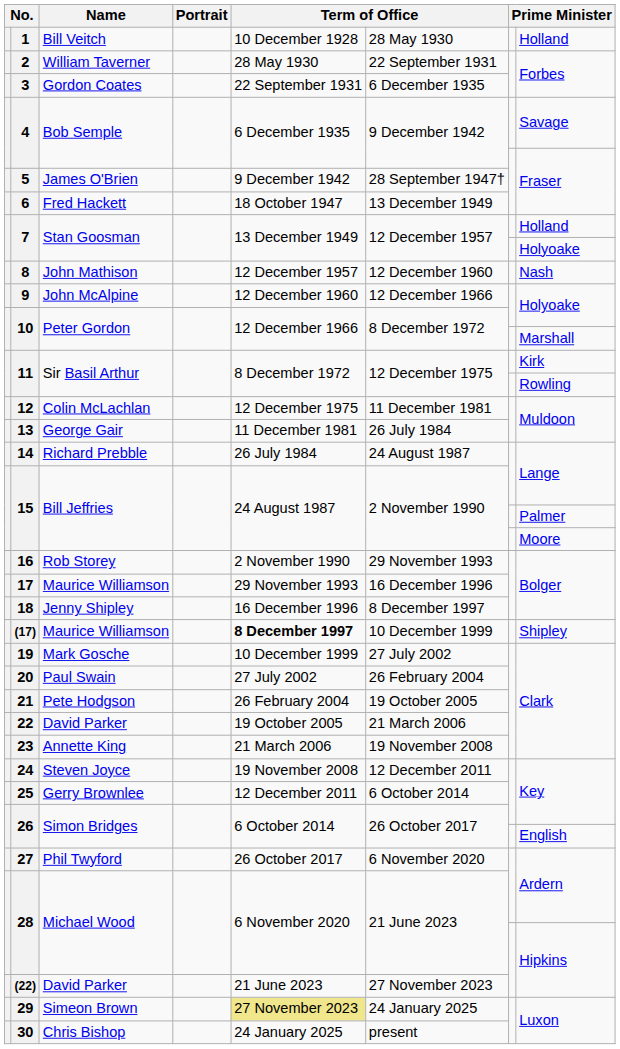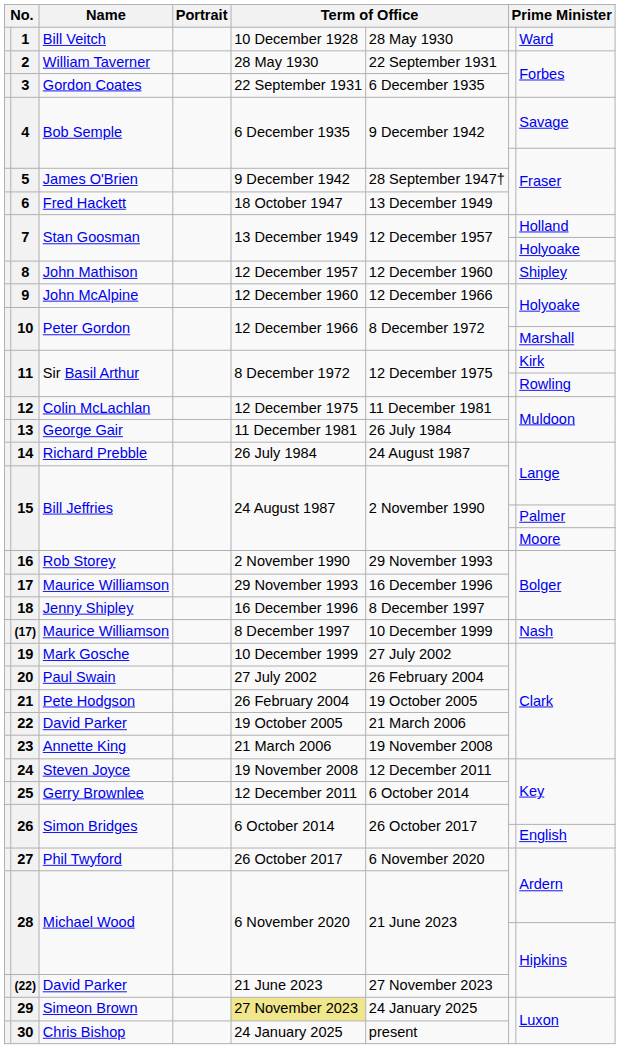 <table class="wikitable">
 <tr>
 <th colspan="2">No.</th>
 <th>Name</th>
 <th>Portrait</th>
 <th colspan="2">Term of Office</th>
 <th colspan="2">Prime Minister</th>
 </tr>
 <tr>
 <th style="color:inherit;background:"></th>
 <th>1</th>
 <td><a href='#'>Bill Veitch</a></td>
 <td></td>
 <td>10 December 1928</td>
 <td>28 May 1930</td>
 <td width=1 style="color:inherit;background:"></td>
-<td><a href='#'>Holland</a></td>
+<td><a href='#'>Ward</a></td>
 </tr>
 <tr>
 <th style="color:inherit;background:"></th>
 <th>2</th>
 <td><a href='#'>William Taverner</a></td>
 <td></td>
 <td>28 May 1930</td>
 <td>22 September 1931</td>
 <td rowspan=2 style="color:inherit;background:"></td>
 <td rowspan=2><a href='#'>Forbes</a></td>
 </tr>
 <tr>
 <th style="color:inherit;background:"></th>
 <th>3</th>
 <td><a href='#'>Gordon Coates</a></td>
 <td></td>
 <td>22 September 1931</td>
 <td>6 December 1935</td>
 </tr>
 <tr>
 <th height=50 style="border-bottom:solid 0 grey; background:"></th>
 <th rowspan=2>4</th>
 <td rowspan=2><a href='#'>Bob Semple</a></td>
 <td rowspan=2></td>
 <td rowspan=2>6 December 1935</td>
 <td rowspan=2>9 December 1942</td>
 <td style="color:inherit;background:"></td>
 <td><a href='#'>Savage</a></td>
 </tr>
 <tr>
 <th height=15 style="border-top:solid 0 grey; background:"></th>
 <td style="border-bottom:solid 0 grey; background:"></td>
 <td rowspan=3><a href='#'>Fraser</a></td>
 </tr>
 <tr>
 <th style="color:inherit;background:"></th>
 <th>5</th>
 <td><a href='#'>James O'Brien</a></td>
 <td></td>
 <td>9 December 1942</td>
 <td>28 September 1947†</td>
 <td rowspan=2 style="border-top:solid 0 grey; background:"></td>
 </tr>
 <tr>
 <th style="color:inherit;background:"></th>
 <th>6</th>
 <td><a href='#'>Fred Hackett</a></td>
 <td></td>
 <td>18 October 1947</td>
 <td>13 December 1949</td>
 </tr>
 <tr>
 <th rowspan=2 style="color:inherit;background:"></th>
 <th rowspan=2>7</th>
 <td rowspan=2><a href='#'>Stan Goosman</a></td>
 <td rowspan=2></td>
 <td rowspan=2>13 December 1949</td>
 <td rowspan=2>12 December 1957</td>
 <td style="color:inherit;background:"></td>
 <td><a href='#'>Holland</a></td>
 </tr>
 <tr>
 <td style="color:inherit;background:"></td>
 <td><a href='#'>Holyoake</a></td>
 </tr>
 <tr>
 <th style="color:inherit;background:"></th>
 <th>8</th>
 <td><a href='#'>John Mathison</a></td>
 <td></td>
 <td>12 December 1957</td>
 <td>12 December 1960</td>
 <td style="color:inherit;background:"></td>
-<td><a href='#'>Nash</a></td>
+<td><a href='#'>Shipley</a></td>
 </tr>
 <tr>
 <th style="color:inherit;background:"></th>
 <th>9</th>
 <td><a href='#'>John McAlpine</a></td>
 <td></td>
 <td>12 December 1960</td>
 <td>12 December 1966</td>
 <td rowspan="2" style="color:inherit;background:"></td>
 <td rowspan="2"><a href='#'>Holyoake</a></td>
 </tr>
 <tr>
 <th height=15 style="border-bottom:solid 0 grey; background:"></th>
 <th rowspan="2">10</th>
 <td rowspan="2"><a href='#'>Peter Gordon</a></td>
 <td rowspan="2"></td>
 <td rowspan="2">12 December 1966</td>
 <td rowspan="2">8 December 1972</td>
 </tr>
 <tr>
 <th height=15 style="border-top:solid 0 grey; background:"></th>
 <td style="color:inherit;background:"></td>
 <td><a href='#'>Marshall</a></td>
 </tr>
 <tr>
 <th rowspan=2 style="color:inherit;background:"></th>
 <th rowspan=2>11</th>
 <td rowspan=2>Sir <a href='#'>Basil Arthur</a></td>
 <td rowspan=2></td>
 <td rowspan=2>8 December 1972</td>
 <td rowspan=2>12 December 1975</td>
 <td style="color:inherit;background:"></td>
 <td><a href='#'>Kirk</a></td>
 </tr>
 <tr>
 <td style="color:inherit;background:"></td>
 <td><a href='#'>Rowling</a></td>
 </tr>
 <tr>
 <th style="color:inherit;background:"></th>
 <th>12</th>
 <td><a href='#'>Colin McLachlan</a></td>
 <td></td>
 <td>12 December 1975</td>
 <td>11 December 1981</td>
 <td rowspan=2 style="color:inherit;background:"></td>
 <td rowspan=2><a href='#'>Muldoon</a></td>
 </tr>
 <tr>
 <th style="color:inherit;background:"></th>
 <th>13</th>
 <td><a href='#'>George Gair</a></td>
 <td></td>
 <td>11 December 1981</td>
 <td>26 July 1984</td>
 </tr>
 <tr>
 <th style="color:inherit;background:"></th>
 <th>14</th>
 <td><a href='#'>Richard Prebble</a></td>
 <td></td>
 <td>26 July 1984</td>
 <td>24 August 1987</td>
 <td style="border-bottom:solid 0 grey; background:"></td>
 <td rowspan=2><a href='#'>Lange</a></td>
 </tr>
 <tr>
 <th rowspan=3 style="color:inherit;background:"></th>
 <th rowspan=3>15</th>
 <td rowspan=3><a href='#'>Bill Jeffries</a></td>
 <td rowspan=3></td>
 <td rowspan=3>24 August 1987</td>
 <td rowspan=3>2 November 1990</td>
 <td height=36 style="border-top:solid 0 grey; background:"></td>
 </tr>
 <tr>
 <td style="color:inherit;background:"></td>
 <td><a href='#'>Palmer</a></td>
 </tr>
 <tr>
 <td style="color:inherit;background:"></td>
 <td><a href='#'>Moore</a></td>
 </tr>
 <tr>
 <th style="color:inherit;background:"></th>
 <th>16</th>
 <td><a href='#'>Rob Storey</a></td>
 <td></td>
 <td>2 November 1990</td>
 <td>29 November 1993</td>
 <td rowspan=3 style="color:inherit;background:"></td>
 <td rowspan=3><a href='#'>Bolger</a></td>
 </tr>
 <tr>
 <th style="color:inherit;background:"></th>
 <th>17</th>
 <td><a href='#'>Maurice Williamson</a></td>
 <td></td>
 <td>29 November 1993</td>
 <td>16 December 1996</td>
 </tr>
 <tr>
 <th style="color:inherit;background:"></th>
 <th>18</th>
 <td><a href='#'>Jenny Shipley</a></td>
 <td></td>
 <td>16 December 1996</td>
 <td>8 December 1997</td>
 </tr>
 <tr>
 <th style="color:inherit;background:"></th>
 <th><small>(17)</small></th>
 <td><a href='#'>Maurice Williamson</a></td>
 <td></td>
-<td><strong>8 December 1997</strong></td>
+<td>8 December 1997</td>
 <td>10 December 1999</td>
 <td style="color:inherit;background:"></td>
-<td><a href='#'>Shipley</a></td>
+<td><a href='#'>Nash</a></td>
 </tr>
 <tr>
 <th style="color:inherit;background:"></th>
 <th>19</th>
 <td><a href='#'>Mark Gosche</a></td>
 <td></td>
 <td>10 December 1999</td>
 <td>27 July 2002</td>
 <td rowspan=5 style="color:inherit;background:"></td>
 <td rowspan=5><a href='#'>Clark</a></td>
 </tr>
 <tr>
 <th style="color:inherit;background:"></th>
 <th>20</th>
 <td><a href='#'>Paul Swain</a></td>
 <td></td>
 <td>27 July 2002</td>
 <td>26 February 2004</td>
 </tr>
 <tr>
 <th style="color:inherit;background:"></th>
 <th>21</th>
 <td><a href='#'>Pete Hodgson</a></td>
 <td></td>
 <td>26 February 2004</td>
 <td>19 October 2005</td>
 </tr>
 <tr>
 <th style="color:inherit;background:"></th>
 <th>22</th>
 <td><a href='#'>David Parker</a></td>
 <td></td>
 <td>19 October 2005</td>
 <td>21 March 2006</td>
 </tr>
 <tr>
 <th style="color:inherit;background:"></th>
 <th>23</th>
 <td><a href='#'>Annette King</a></td>
 <td></td>
 <td>21 March 2006</td>
 <td>19 November 2008</td>
 </tr>
 <tr>
 <th style="color:inherit;background:"></th>
 <th>24</th>
 <td><a href='#'>Steven Joyce</a></td>
 <td></td>
 <td>19 November 2008</td>
 <td>12 December 2011</td>
 <td rowspan="3" style="color:inherit;background:"></td>
 <td rowspan="3"><a href='#'>Key</a></td>
 </tr>
 <tr>
 <th style="color:inherit;background:"></th>
 <th>25</th>
 <td><a href='#'>Gerry Brownlee</a></td>
 <td></td>
 <td>12 December 2011</td>
 <td>6 October 2014</td>
 </tr>
 <tr>
 <th height=15 style="border-bottom:solid 0 grey; background:"></th>
 <th rowspan="2">26</th>
 <td rowspan="2"><a href='#'>Simon Bridges</a></td>
 <td rowspan="2"></td>
 <td rowspan="2">6 October 2014</td>
 <td rowspan="2">26 October 2017</td>
 </tr>
 <tr>
 <th height=15 style="border-top:solid 0 grey; background:"></th>
 <td style="color:inherit;background:"></td>
 <td><a href='#'>English</a></td>
 </tr>
 <tr>
 <th style="color:inherit;background:"></th>
 <th>27</th>
 <td><a href='#'>Phil Twyford</a></td>
 <td></td>
 <td>26 October 2017</td>
 <td>6 November 2020</td>
 <td rowspan=2 style="color:inherit;background:"></td>
 <td rowspan=2><a href='#'>Ardern</a></td>
 </tr>
 <tr>
 <th height=50 style="border-bottom:solid 0 grey; background:"></th>
 <th rowspan="2">28</th>
 <td rowspan="2"><a href='#'>Michael Wood</a></td>
 <td rowspan="2"></td>
 <td rowspan="2">6 November 2020</td>
 <td rowspan="2">21 June 2023</td>
 </tr>
 <tr>
 <th height=50 style="border-top:solid 0 grey; background:"></th>
 <td rowspan=2 style="color:inherit;background:"></td>
 <td rowspan=2><a href='#'>Hipkins</a></td>
 </tr>
 <tr>
 <th style="color:inherit;background:"></th>
 <th><small>(22)</small></th>
 <td><a href='#'>David Parker</a></td>
 <td></td>
 <td>21 June 2023</td>
 <td>27 November 2023</td>
 </tr>
 <tr>
 <th style="color:inherit;background:"></th>
 <th>29</th>
 <td><a href='#'>Simeon Brown</a></td>
 <td></td>
 <td style="background: khaki;">27 November 2023</td>
 <td>24 January 2025</td>
 <td rowspan=2 style="color:inherit;background:"></td>
 <td rowspan="2"><a href='#'>Luxon</a></td>
 </tr>
 <tr>
 <th style="color:inherit;background:"></th>
 <th>30</th>
 <td><a href='#'>Chris Bishop</a></td>
 <td></td>
 <td>24 January 2025</td>
 <td>present</td>
 </tr>
 </table>
